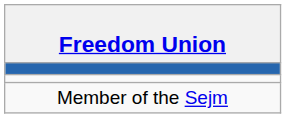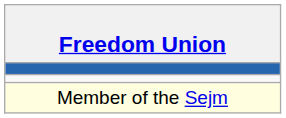 <table class="wikitable" style="font-size:90%; text-align:center;">
 <tr>
 <td style="background:#f1f1f1;" colspan="30"><br><big><strong><a href='#'>Freedom Union</a></strong></big></td>
 </tr>
 <tr>
 <th style="width:3em; font-size:135%; background:#2666AE ; width:200px;"><a href='#'></a></th>
 </tr>
 <tr>
 <td style="text-align:center"></td>
 </tr>
 <tr>
-<td>Member of the <a href='#'>Sejm</a><br></td>
+<td style="background: lightyellow;">Member of the <a href='#'>Sejm</a><br></td>
 </tr>
 </table>
